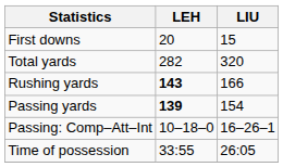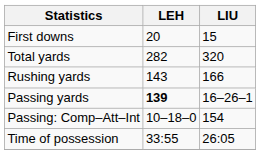 <table class="wikitable" style="float: left;">
 <tr>
 <th>Statistics</th>
 <th>LEH</th>
 <th>LIU</th>
 </tr>
 <tr>
 <td>First downs</td>
 <td>20</td>
 <td>15</td>
 </tr>
 <tr>
 <td>Total yards</td>
 <td>282</td>
 <td>320</td>
 </tr>
 <tr>
 <td>Rushing yards</td>
-<td><strong>143</strong></td>
+<td>143</td>
 <td>166</td>
 </tr>
 <tr>
 <td>Passing yards</td>
 <td><strong>139</strong></td>
-<td>154</td>
+<td>16–26–1</td>
 </tr>
 <tr>
 <td>Passing: Comp–Att–Int</td>
 <td>10–18–0</td>
-<td>16–26–1</td>
+<td>154</td>
 </tr>
 <tr>
 <td>Time of possession</td>
 <td>33:55</td>
 <td>26:05</td>
 </tr>
 <tr>
 </tr>
 </table>
